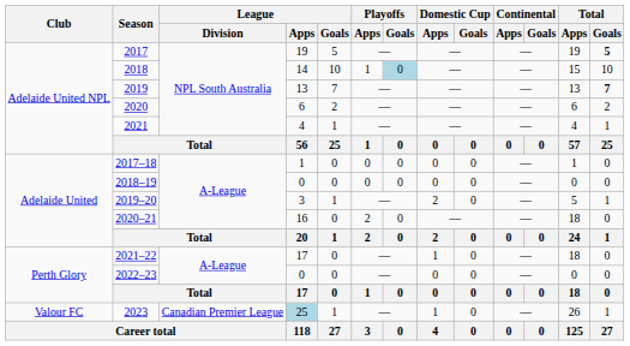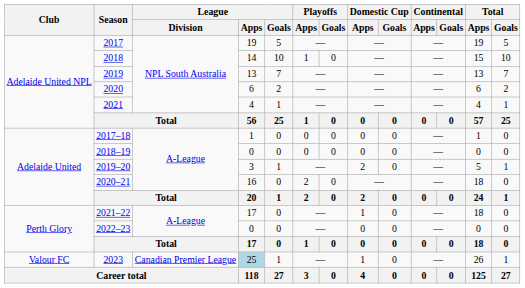 <table class="wikitable" style="text-align: center;">
 <tr>
 <th rowspan="2">Club</th>
 <th rowspan="2">Season</th>
 <th colspan="3">League</th>
 <th colspan="2">Playoffs</th>
 <th colspan="2">Domestic Cup</th>
 <th colspan="2">Continental</th>
 <th colspan="2">Total</th>
 </tr>
 <tr>
 <th>Division</th>
 <th>Apps</th>
 <th>Goals</th>
 <th>Apps</th>
 <th>Goals</th>
 <th>Apps</th>
 <th>Goals</th>
 <th>Apps</th>
 <th>Goals</th>
 <th>Apps</th>
 <th>Goals</th>
 </tr>
 <tr>
 <td rowspan="6"><a href='#'>Adelaide United NPL</a></td>
 <td><a href='#'>2017</a></td>
 <td rowspan="5"><a href='#'>NPL South Australia</a></td>
 <td>19</td>
 <td>5</td>
 <td colspan="2">—</td>
 <td colspan="2">—</td>
 <td colspan="2">—</td>
 <td>19</td>
-<td><strong>5</strong></td>
+<td>5</td>
 </tr>
 <tr>
 <td><a href='#'>2018</a></td>
 <td>14</td>
 <td>10</td>
 <td>1</td>
-<td style="background: lightblue;">0</td>
+<td>0</td>
 <td colspan="2">—</td>
 <td colspan="2">—</td>
 <td>15</td>
 <td>10</td>
 </tr>
 <tr>
 <td><a href='#'>2019</a></td>
 <td>13</td>
 <td>7</td>
 <td colspan="2">—</td>
 <td colspan="2">—</td>
 <td colspan="2">—</td>
 <td>13</td>
-<td><strong>7</strong></td>
+<td>7</td>
 </tr>
 <tr>
 <td><a href='#'>2020</a></td>
 <td>6</td>
 <td>2</td>
 <td colspan="2">—</td>
 <td colspan="2">—</td>
 <td colspan="2">—</td>
 <td>6</td>
 <td>2</td>
 </tr>
 <tr>
 <td><a href='#'>2021</a></td>
 <td>4</td>
 <td>1</td>
 <td colspan="2">—</td>
 <td colspan="2">—</td>
 <td colspan="2">—</td>
 <td>4</td>
 <td>1</td>
 </tr>
 <tr>
 <th colspan="2">Total</th>
 <th>56</th>
 <th>25</th>
 <th>1</th>
 <th>0</th>
 <th>0</th>
 <th>0</th>
 <th>0</th>
 <th>0</th>
 <th>57</th>
 <th>25</th>
 </tr>
 <tr>
 <td rowspan="5"><a href='#'>Adelaide United</a></td>
 <td><a href='#'>2017–18</a></td>
 <td rowspan="4"><a href='#'>A-League</a></td>
 <td>1</td>
 <td>0</td>
 <td>0</td>
 <td>0</td>
 <td>0</td>
 <td>0</td>
 <td colspan="2">—</td>
 <td>1</td>
 <td>0</td>
 </tr>
 <tr>
 <td><a href='#'>2018–19</a></td>
 <td>0</td>
 <td>0</td>
 <td>0</td>
 <td>0</td>
 <td>0</td>
 <td>0</td>
 <td colspan="2">—</td>
 <td>0</td>
 <td>0</td>
 </tr>
 <tr>
 <td><a href='#'>2019–20</a></td>
 <td>3</td>
 <td>1</td>
 <td colspan="2">—</td>
 <td>2</td>
 <td>0</td>
 <td colspan="2">—</td>
 <td>5</td>
 <td>1</td>
 </tr>
 <tr>
 <td><a href='#'>2020–21</a></td>
 <td>16</td>
 <td>0</td>
 <td>2</td>
 <td>0</td>
 <td colspan="2">—</td>
 <td colspan="2">—</td>
 <td>18</td>
 <td>0</td>
 </tr>
 <tr>
 <th colspan="2">Total</th>
 <th>20</th>
 <th>1</th>
 <th>2</th>
 <th>0</th>
 <th>2</th>
 <th>0</th>
 <th>0</th>
 <th>0</th>
 <th>24</th>
 <th>1</th>
 </tr>
 <tr>
 <td rowspan="3"><a href='#'>Perth Glory</a></td>
 <td><a href='#'>2021–22</a></td>
 <td rowspan="2"><a href='#'>A-League</a></td>
 <td>17</td>
 <td>0</td>
 <td colspan="2">—</td>
 <td>1</td>
 <td>0</td>
 <td colspan="2">—</td>
 <td>18</td>
 <td>0</td>
 </tr>
 <tr>
 <td><a href='#'>2022–23</a></td>
 <td>0</td>
 <td>0</td>
 <td colspan="2">—</td>
 <td>0</td>
 <td>0</td>
 <td colspan="2">—</td>
 <td>0</td>
 <td>0</td>
 </tr>
 <tr>
 <th colspan="2">Total</th>
 <th>17</th>
 <th>0</th>
 <th>1</th>
 <th>0</th>
 <th>0</th>
 <th>0</th>
 <th>0</th>
 <th>0</th>
 <th>18</th>
 <th>0</th>
 </tr>
 <tr>
 <td><a href='#'>Valour FC</a></td>
 <td><a href='#'>2023</a></td>
 <td><a href='#'>Canadian Premier League</a></td>
 <td style="background: lightblue;">25</td>
 <td>1</td>
 <td colspan="2">—</td>
 <td>1</td>
 <td>0</td>
 <td colspan="2">—</td>
 <td>26</td>
 <td>1</td>
 </tr>
 <tr>
 <th colspan="3">Career total</th>
 <th>118</th>
 <th>27</th>
 <th>3</th>
 <th>0</th>
 <th>4</th>
 <th>0</th>
 <th>0</th>
 <th>0</th>
 <th>125</th>
 <th>27</th>
 </tr>
 </table>
